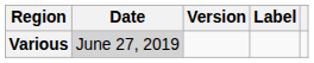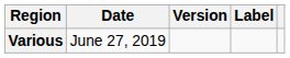 <table class="wikitable plainrowheaders">
 <tr>
 <th scope="col">Region</th>
 <th scope="col">Date</th>
 <th scope="col">Version</th>
 <th scope="col">Label</th>
 <th scope="col"></th>
 </tr>
 <tr>
 <th rowspan="2" scope="row">Various</th>
-<td style="background: lightgrey;">June 27, 2019</td>
+<td>June 27, 2019</td>
 <td rowspan="2"></td>
 <td></td>
 <td></td>
 </tr>
 </table>
